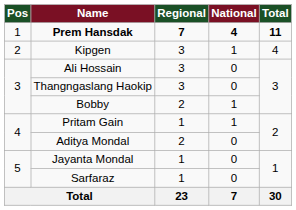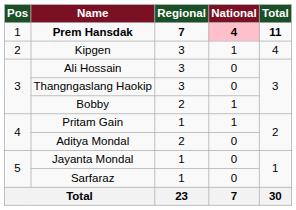 <table class="wikitable" margin-left:1em;float:center>
 <tr>
 <th style="background:#1A5026; color:white; text-align:center;">Pos</th>
 <th style="background:#7A1024; color:white; text-align:center;">Name</th>
 <th style="background:#1A5026; color:white; text-align:center;">Regional</th>
 <th style="background:#7A1024; color:white; text-align:center;">National</th>
 <th style="background:#1A5026; color:white; text-align:center;">Total</th>
 </tr>
 <tr>
 <td style="text-align:center">1</td>
 <td style="text-align:center"><strong>Prem Hansdak</strong></td>
 <td style="text-align:center"><strong>7</strong></td>
-<td style="text-align:center"><strong>4</strong></td>
+<td style="background: pink; text-align:center"><strong>4</strong></td>
 <td style="text-align:center"><strong>11</strong></td>
 </tr>
 <tr>
 <td rowspan="1" style="text-align:center">2</td>
 <td style="text-align:center">Kipgen</td>
 <td style="text-align:center">3</td>
 <td style="text-align:center">1</td>
 <td rowspan="1" style="text-align:center">4</td>
 </tr>
 <tr>
 <td rowspan="3" style="text-align:center">3</td>
 <td style="text-align:center">Ali Hossain</td>
 <td style="text-align:center">3</td>
 <td style="text-align:center">0</td>
 <td rowspan="3" style="text-align:center">3</td>
 </tr>
 <tr>
 <td style="text-align:center">Thangngaslang Haokip</td>
 <td style="text-align:center">3</td>
 <td style="text-align:center">0</td>
 </tr>
 <tr>
 <td style="text-align:center">Bobby</td>
 <td style="text-align:center">2</td>
 <td style="text-align:center">1</td>
 </tr>
 <tr>
 <td rowspan="2" style="text-align:center">4</td>
 <td style="text-align:center">Pritam Gain</td>
 <td style="text-align:center">1</td>
 <td style="text-align:center">1</td>
 <td rowspan="2" style="text-align:center">2</td>
 </tr>
 <tr>
 <td style="text-align:center">Aditya Mondal</td>
 <td style="text-align:center">2</td>
 <td style="text-align:center">0</td>
 </tr>
 <tr>
 <td rowspan="2" style="text-align:center">5</td>
 <td style="text-align:center">Jayanta Mondal</td>
 <td style="text-align:center">1</td>
 <td style="text-align:center">0</td>
 <td rowspan="2" style="text-align:center">1</td>
 </tr>
 <tr>
 <td style="text-align:center">Sarfaraz</td>
 <td style="text-align:center">1</td>
 <td style="text-align:center">0</td>
 </tr>
 <tr>
 <th colspan="2">Total</th>
 <th>23</th>
 <th>7</th>
 <th>30</th>
 </tr>
 </table>
